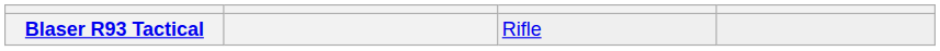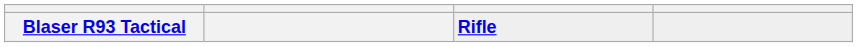 <table class="wikitable" style="width:60%;">
 <tr>
 <th style="width:12%;"></th>
 <th style="width:15%;"></th>
 <th style="width:12%;"></th>
 <th style="width:12%;"></th>
 </tr>
 <tr style="background:#efefef; color:black">
 <th><a href='#'>Blaser R93 Tactical</a></th>
 <th></th>
-<td><a href='#'>Rifle</a></td>
+<td><strong><a href='#'>Rifle</a></strong></td>
 <td></td>
 </tr>
 </table>
